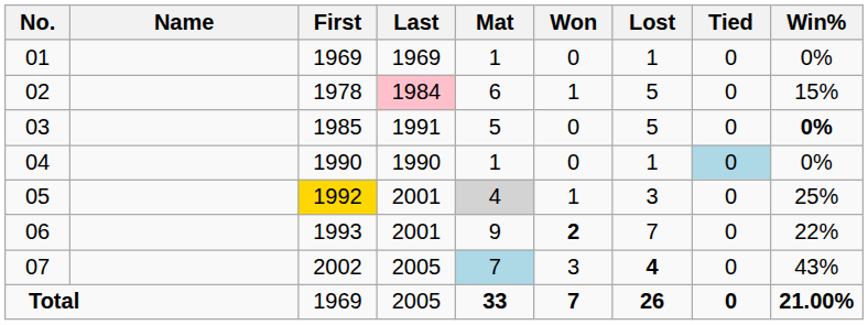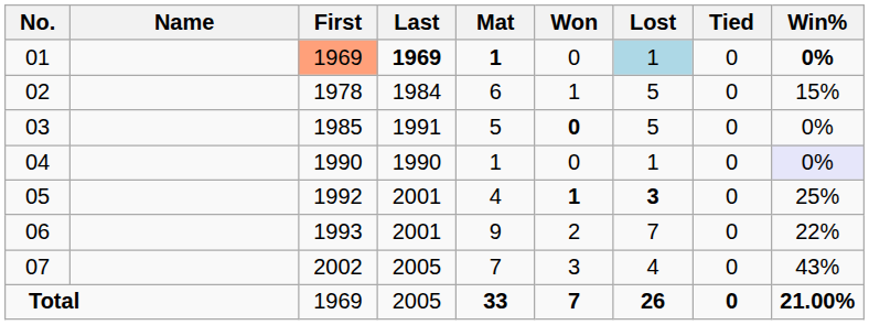 <table class="wikitable sortable" style="margin: 1em auto 1em auto">
 <tr>
 <th width="40">No.</th>
 <th width="160">Name</th>
 <th width="50">First</th>
 <th width="50">Last</th>
 <th width="50">Mat</th>
 <th width="50">Won</th>
 <th width="50">Lost</th>
 <th width="50">Tied</th>
 <th width="60">Win%</th>
 </tr>
 <tr align=center>
 <td><span>0</span>1</td>
 <td align=left></td>
-<td>1969</td>
-<td>1969</td>
-<td>1</td>
+<td style="background: lightsalmon;">1969</td>
+<td><strong>1969</strong></td>
+<td><strong>1</strong></td>
 <td>0</td>
-<td>1</td>
+<td style="background: lightblue;">1</td>
 <td>0</td>
-<td>0%</td>
+<td><strong>0%</strong></td>
 </tr>
 <tr align=center>
 <td><span>0</span>2</td>
 <td align=left></td>
 <td>1978</td>
-<td style="background: pink;">1984</td>
+<td>1984</td>
 <td>6</td>
 <td>1</td>
 <td>5</td>
 <td>0</td>
 <td>15%</td>
 </tr>
 <tr align=center>
 <td><span>0</span>3</td>
 <td align=left></td>
 <td>1985</td>
 <td>1991</td>
 <td>5</td>
-<td>0</td>
+<td><strong>0</strong></td>
 <td>5</td>
 <td>0</td>
-<td><strong>0%</strong></td>
+<td>0%</td>
 </tr>
 <tr align=center>
 <td><span>0</span>4</td>
 <td align=left></td>
 <td>1990</td>
 <td>1990</td>
 <td>1</td>
 <td>0</td>
 <td>1</td>
-<td style="background: lightblue;">0</td>
-<td>0%</td>
+<td>0</td>
+<td style="background: lavender;">0%</td>
 </tr>
 <tr align=center>
 <td><span>0</span>5</td>
 <td align=left></td>
-<td style="background: gold;">1992</td>
+<td>1992</td>
 <td>2001</td>
-<td style="background: lightgrey;">4</td>
-<td>1</td>
-<td>3</td>
+<td>4</td>
+<td><strong>1</strong></td>
+<td><strong>3</strong></td>
 <td>0</td>
 <td>25%</td>
 </tr>
 <tr align=center>
 <td><span>0</span>6</td>
 <td align=left></td>
 <td>1993</td>
 <td>2001</td>
 <td>9</td>
-<td><strong>2</strong></td>
+<td>2</td>
 <td>7</td>
 <td>0</td>
 <td>22%</td>
 </tr>
 <tr align=center>
 <td><span>0</span>7</td>
 <td align=left></td>
 <td>2002</td>
 <td>2005</td>
-<td style="background: lightblue;">7</td>
+<td>7</td>
 <td>3</td>
-<td><strong>4</strong></td>
+<td>4</td>
 <td>0</td>
 <td>43%</td>
 </tr>
 <tr class="sortbottom" align=center>
 <td colspan=2 align=left><strong>   Total</strong></td>
 <td>1969</td>
 <td>2005</td>
 <td><strong>33</strong></td>
 <td><strong>7</strong></td>
 <td><strong>26</strong></td>
 <td><strong>0</strong></td>
 <td><strong>21.00%</strong></td>
 </tr>
 </table>
